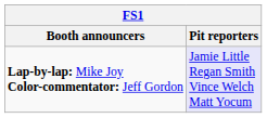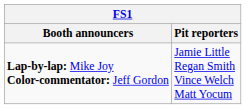 <table class="wikitable" style="font-size: 95%;">
 <tr>
 <th colspan="2"><a href='#'>FS1</a></th>
 </tr>
 <tr>
 <th>Booth announcers</th>
 <th>Pit reporters</th>
 </tr>
 <tr>
 <td><strong>Lap-by-lap:</strong> <a href='#'>Mike Joy</a><br><strong>Color-commentator:</strong> <a href='#'>Jeff Gordon</a></td>
-<td style="background: lavender;"><a href='#'>Jamie Little</a><br><a href='#'>Regan Smith</a><br><a href='#'>Vince Welch</a><br><a href='#'>Matt Yocum</a></td>
+<td><a href='#'>Jamie Little</a><br><a href='#'>Regan Smith</a><br><a href='#'>Vince Welch</a><br><a href='#'>Matt Yocum</a></td>
 </tr>
 </table>
